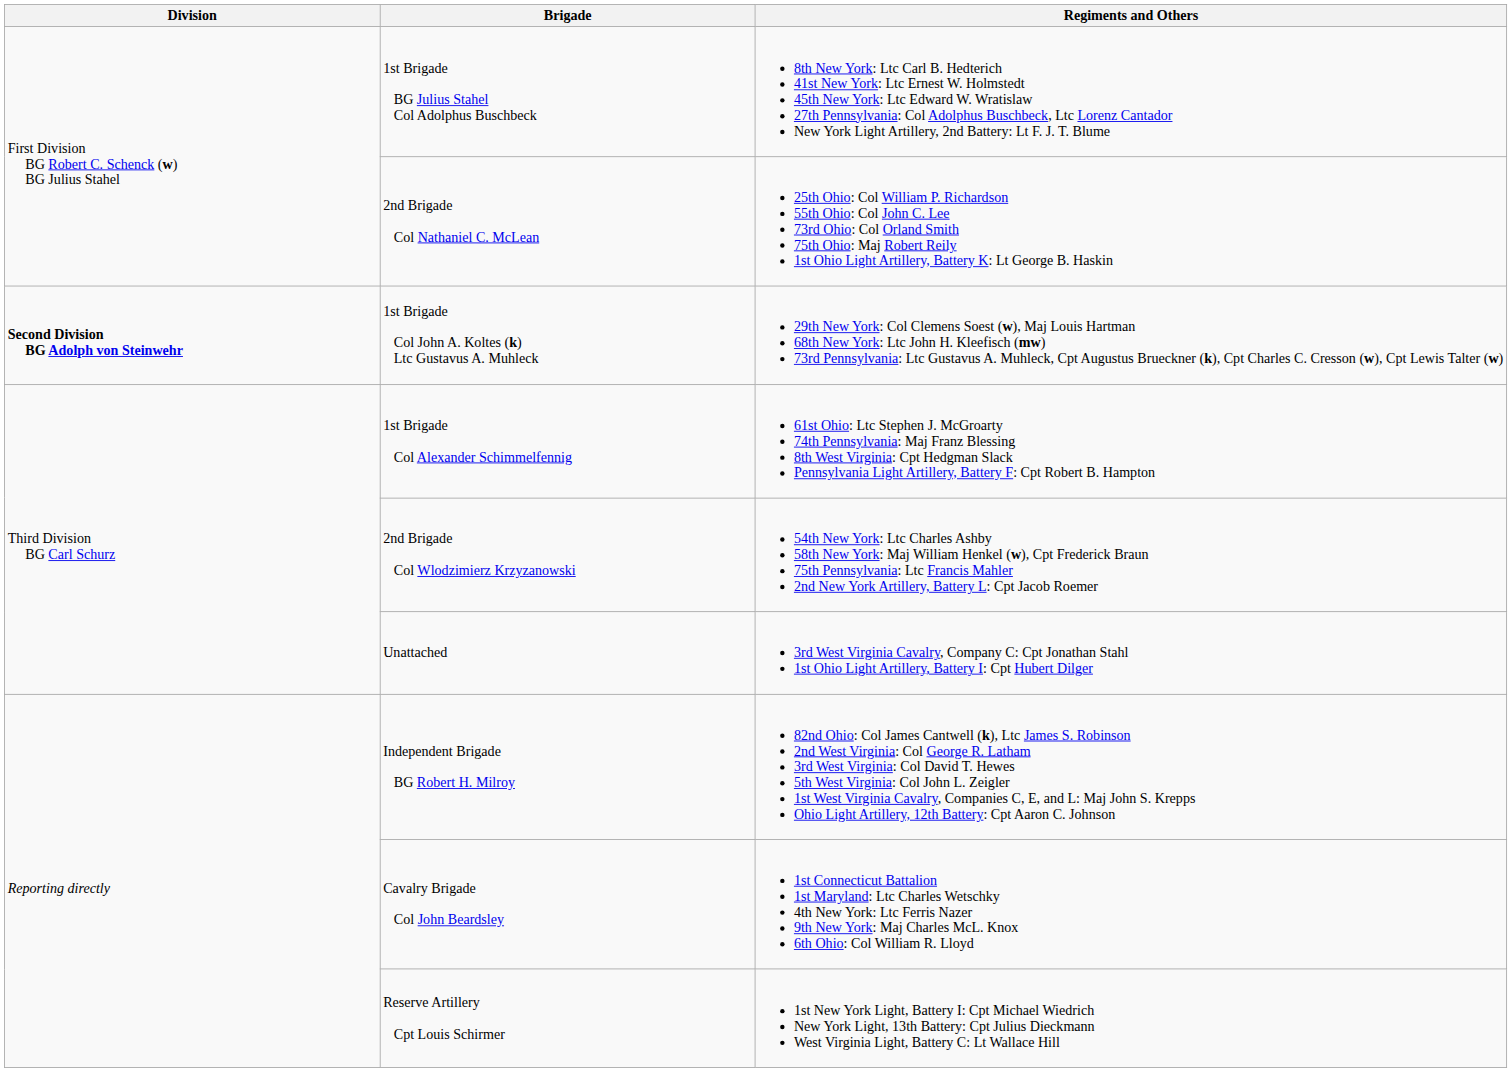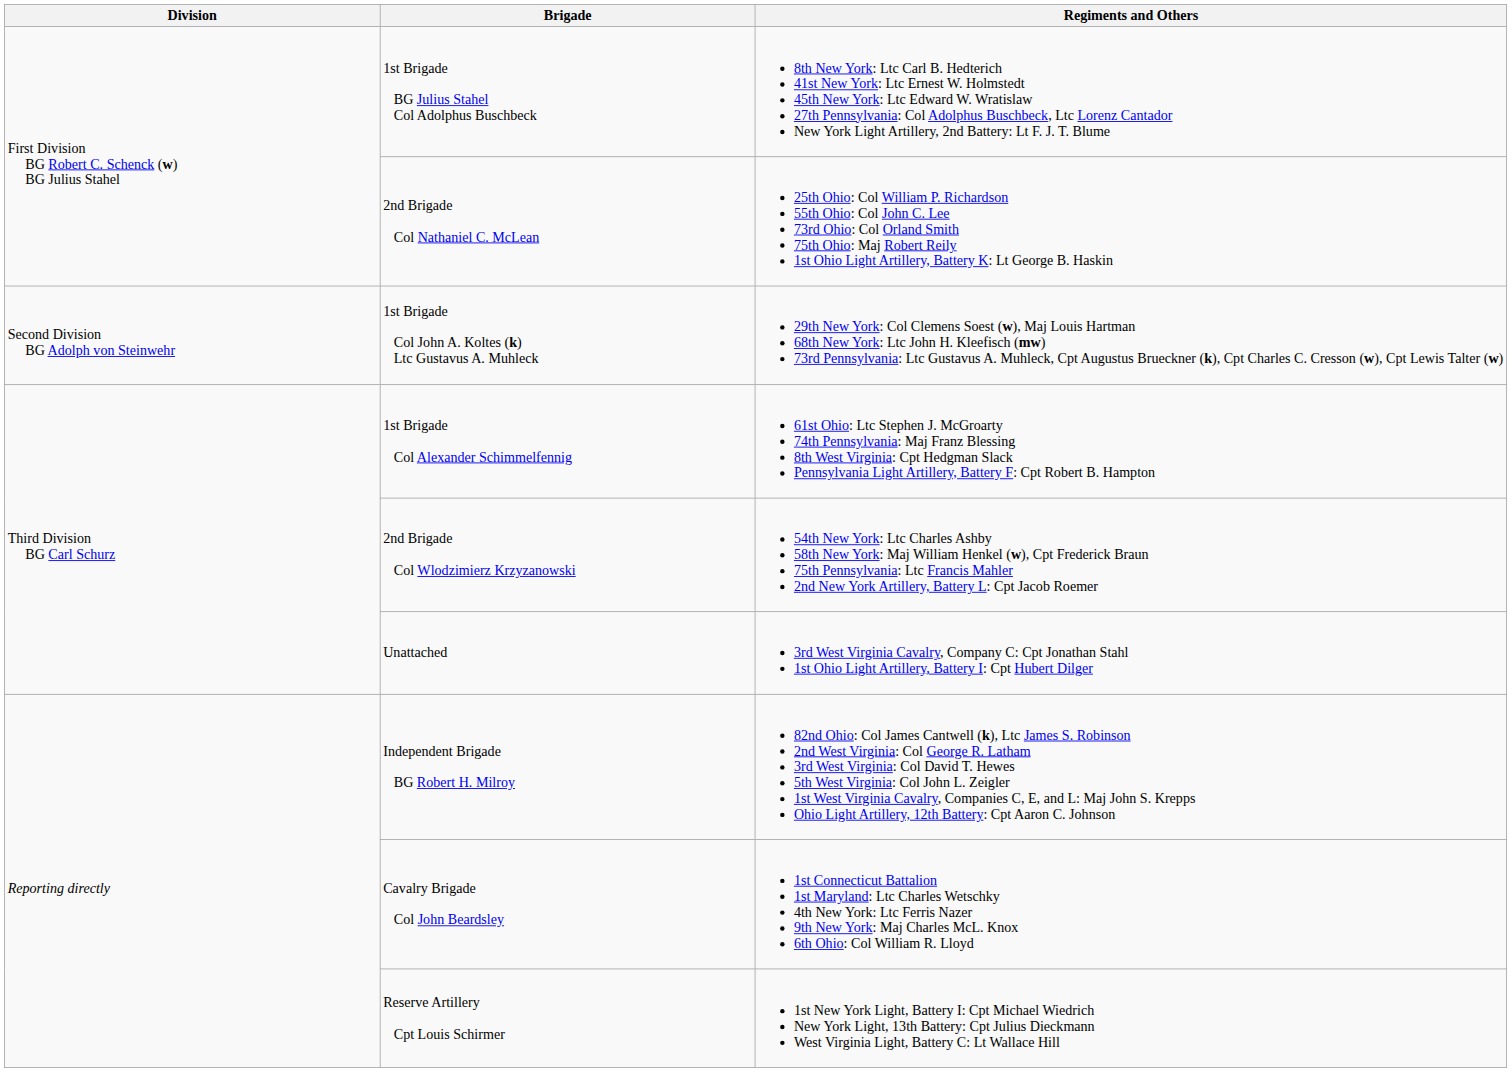 <table class="wikitable">
 <tr>
 <th width=25%>Division</th>
 <th width=25%>Brigade</th>
 <th>Regiments and Others</th>
 </tr>
 <tr>
 <td rowspan=2><br>First Division <br>     BG <a href='#'>Robert C. Schenck</a> (<strong>w</strong>) <br>     BG Julius Stahel</td>
 <td>1st Brigade<br><br>   BG <a href='#'>Julius Stahel</a> <br>   Col Adolphus Buschbeck</td>
 <td><br><ul><li><a href='#'>8th New York</a>: Ltc Carl B. Hedterich</li><li><a href='#'>41st New York</a>: Ltc Ernest W. Holmstedt</li><li><a href='#'>45th New York</a>: Ltc Edward W. Wratislaw</li><li><a href='#'>27th Pennsylvania</a>: Col <a href='#'>Adolphus Buschbeck</a>, Ltc <a href='#'>Lorenz Cantador</a></li><li>New York Light Artillery, 2nd Battery: Lt F. J. T. Blume</li></ul></td>
 </tr>
 <tr>
 <td>2nd Brigade<br><br>   Col <a href='#'>Nathaniel C. McLean</a></td>
 <td><br><ul><li><a href='#'>25th Ohio</a>: Col <a href='#'>William P. Richardson</a></li><li><a href='#'>55th Ohio</a>: Col <a href='#'>John C. Lee</a></li><li><a href='#'>73rd Ohio</a>: Col <a href='#'>Orland Smith</a></li><li><a href='#'>75th Ohio</a>: Maj <a href='#'>Robert Reily</a></li><li><a href='#'>1st Ohio Light Artillery, Battery K</a>: Lt George B. Haskin</li></ul></td>
 </tr>
 <tr>
-<td rowspan=1><strong><br>Second Division <br>     BG <a href='#'>Adolph von Steinwehr</a></strong></td>
+<td rowspan=1><br>Second Division <br>     BG <a href='#'>Adolph von Steinwehr</a></td>
 <td>1st Brigade<br><br>   Col John A. Koltes (<strong>k</strong>) <br>   Ltc Gustavus A. Muhleck</td>
 <td><br><ul><li><a href='#'>29th New York</a>: Col Clemens Soest (<strong>w</strong>), Maj Louis Hartman</li><li><a href='#'>68th New York</a>: Ltc John H. Kleefisch (<strong>mw</strong>)</li><li><a href='#'>73rd Pennsylvania</a>: Ltc Gustavus A. Muhleck, Cpt Augustus Brueckner (<strong>k</strong>), Cpt Charles C. Cresson (<strong>w</strong>), Cpt Lewis Talter (<strong>w</strong>)</li></ul></td>
 </tr>
 <tr>
 <td rowspan=3><br>Third Division <br>     BG <a href='#'>Carl Schurz</a></td>
 <td>1st Brigade<br><br>   Col <a href='#'>Alexander Schimmelfennig</a></td>
 <td><br><ul><li><a href='#'>61st Ohio</a>: Ltc Stephen J. McGroarty</li><li><a href='#'>74th Pennsylvania</a>: Maj Franz Blessing</li><li><a href='#'>8th West Virginia</a>: Cpt Hedgman Slack</li><li><a href='#'>Pennsylvania Light Artillery, Battery F</a>: Cpt Robert B. Hampton</li></ul></td>
 </tr>
 <tr>
 <td>2nd Brigade<br><br>   Col <a href='#'>Wlodzimierz Krzyzanowski</a></td>
 <td><br><ul><li><a href='#'>54th New York</a>: Ltc Charles Ashby</li><li><a href='#'>58th New York</a>: Maj William Henkel (<strong>w</strong>), Cpt Frederick Braun</li><li><a href='#'>75th Pennsylvania</a>: Ltc <a href='#'>Francis Mahler</a></li><li><a href='#'>2nd New York Artillery, Battery L</a>: Cpt Jacob Roemer</li></ul></td>
 </tr>
 <tr>
 <td>Unattached</td>
 <td><br><ul><li><a href='#'>3rd West Virginia Cavalry</a>, Company C: Cpt Jonathan Stahl</li><li><a href='#'>1st Ohio Light Artillery, Battery I</a>: Cpt <a href='#'>Hubert Dilger</a></li></ul></td>
 </tr>
 <tr>
 <td rowspan=3><br><em>Reporting directly</em></td>
 <td>Independent Brigade<br><br>   BG <a href='#'>Robert H. Milroy</a></td>
 <td><br><ul><li><a href='#'>82nd Ohio</a>: Col James Cantwell (<strong>k</strong>), Ltc <a href='#'>James S. Robinson</a></li><li><a href='#'>2nd West Virginia</a>: Col <a href='#'>George R. Latham</a></li><li><a href='#'>3rd West Virginia</a>: Col David T. Hewes</li><li><a href='#'>5th West Virginia</a>: Col John L. Zeigler</li><li><a href='#'>1st West Virginia Cavalry</a>, Companies C, E, and L: Maj John S. Krepps</li><li><a href='#'>Ohio Light Artillery, 12th Battery</a>: Cpt Aaron C. Johnson</li></ul></td>
 </tr>
 <tr>
 <td>Cavalry Brigade<br><br>   Col <a href='#'>John Beardsley</a></td>
 <td><br><ul><li><a href='#'>1st Connecticut Battalion</a></li><li><a href='#'>1st Maryland</a>: Ltc Charles Wetschky</li><li>4th New York: Ltc Ferris Nazer</li><li><a href='#'>9th New York</a>: Maj Charles McL. Knox</li><li><a href='#'>6th Ohio</a>: Col William R. Lloyd</li></ul></td>
 </tr>
 <tr>
 <td>Reserve Artillery<br><br>   Cpt Louis Schirmer</td>
 <td><br><ul><li>1st New York Light, Battery I: Cpt Michael Wiedrich</li><li>New York Light, 13th Battery: Cpt Julius Dieckmann</li><li>West Virginia Light, Battery C: Lt Wallace Hill</li></ul></td>
 </tr>
 </table>
